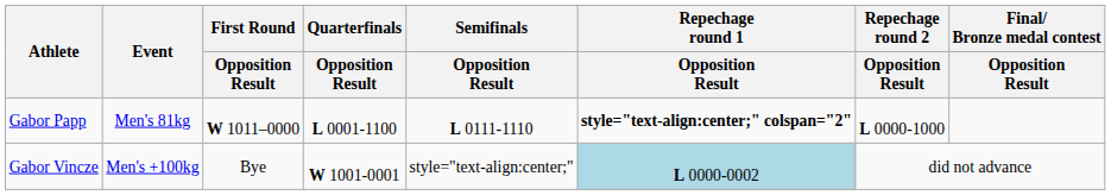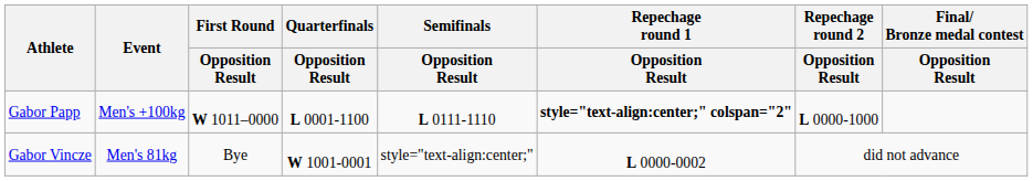 <table class= wikitable style="font-size:90%">
 <tr>
 <th rowspan="2">Athlete</th>
 <th rowspan="2">Event</th>
 <th>First Round</th>
 <th>Quarterfinals</th>
 <th>Semifinals</th>
 <th>Repechage <br>round 1</th>
 <th>Repechage <br>round 2</th>
 <th>Final/<br>Bronze medal contest</th>
 </tr>
 <tr>
 <th>Opposition<br>Result</th>
 <th>Opposition<br>Result</th>
 <th>Opposition<br>Result</th>
 <th>Opposition<br>Result</th>
 <th>Opposition<br>Result</th>
 <th>Opposition<br>Result</th>
 </tr>
 <tr>
 <td><a href='#'>Gabor Papp</a></td>
-<td style="text-align:center;"><a href='#'>Men's 81kg</a></td>
+<td style="text-align:center;"><a href='#'>Men's +100kg</a></td>
 <td style="text-align:center;"><br> <strong>W</strong> 1011–0000</td>
 <td style="text-align:center;"><br> <strong>L</strong> 0001-1100</td>
 <td style="text-align:center;"><br> <strong>L</strong> 0111-1110</td>
 <td><strong>style="text-align:center;" colspan="2" </strong></td>
 <td style="text-align:center;"><br> <strong>L</strong> 0000-1000</td>
 </tr>
 <tr>
 <td><a href='#'>Gabor Vincze</a></td>
-<td style="text-align:center;"><a href='#'>Men's +100kg</a></td>
+<td style="text-align:center;"><a href='#'>Men's 81kg</a></td>
 <td style="text-align:center;">Bye</td>
 <td style="text-align:center;"><br> <strong>W</strong> 1001-0001</td>
 <td>style="text-align:center;" </td>
-<td style="background: lightblue; text-align:center;"><br> <strong>L</strong> 0000-0002</td>
+<td style="text-align:center;"><br> <strong>L</strong> 0000-0002</td>
 <td style="text-align:center;" colspan="2">did not advance</td>
 </tr>
 </table>
